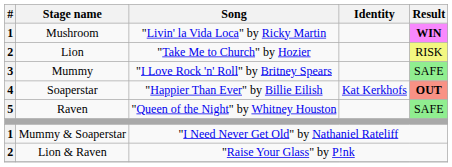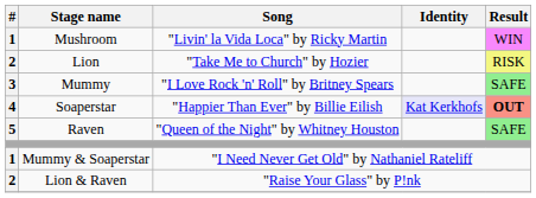 <table class="wikitable plainrowheaders" style="text-align: center;">
 <tr>
 <th>#</th>
 <th>Stage name</th>
 <th>Song</th>
 <th>Identity</th>
 <th>Result</th>
 </tr>
 <tr>
 <th>1</th>
 <td>Mushroom</td>
 <td>"<a href='#'>Livin' la Vida Loca</a>" by <a href='#'>Ricky Martin</a></td>
 <td></td>
-<td bgcolor="#F888FD"><strong>WIN</strong></td>
+<td bgcolor="#F888FD">WIN</td>
 </tr>
 <tr>
 <th>2</th>
 <td>Lion</td>
 <td>"<a href='#'>Take Me to Church</a>" by <a href='#'>Hozier</a></td>
 <td></td>
 <td bgcolor=#F3F781>RISK</td>
 </tr>
 <tr>
 <th>3</th>
 <td>Mummy</td>
 <td>"<a href='#'>I Love Rock 'n' Roll</a>" by <a href='#'>Britney Spears</a></td>
 <td></td>
 <td bgcolor=lightgreen>SAFE</td>
 </tr>
 <tr>
 <th>4</th>
 <td>Soaperstar</td>
 <td>"<a href='#'>Happier Than Ever</a>" by <a href='#'>Billie Eilish</a></td>
-<td><a href='#'>Kat Kerkhofs</a></td>
+<td style="background: lavender;"><a href='#'>Kat Kerkhofs</a></td>
 <td bgcolor="#F99185"><strong>OUT</strong></td>
 </tr>
 <tr>
 <th>5</th>
 <td>Raven</td>
 <td>"<a href='#'>Queen of the Night</a>" by <a href='#'>Whitney Houston</a></td>
 <td></td>
 <td bgcolor=lightgreen>SAFE</td>
 </tr>
 <tr>
 <td colspan="5" style="background:darkgray"></td>
 </tr>
 <tr>
 <th>1</th>
 <td>Mummy & Soaperstar</td>
 <td colspan="4">"<a href='#'>I Need Never Get Old</a>" by <a href='#'>Nathaniel Rateliff</a></td>
 </tr>
 <tr>
 <th>2</th>
 <td>Lion & Raven</td>
 <td colspan="4">"<a href='#'>Raise Your Glass</a>" by <a href='#'>P!nk</a></td>
 </tr>
 <tr>
 </tr>
 </table>
